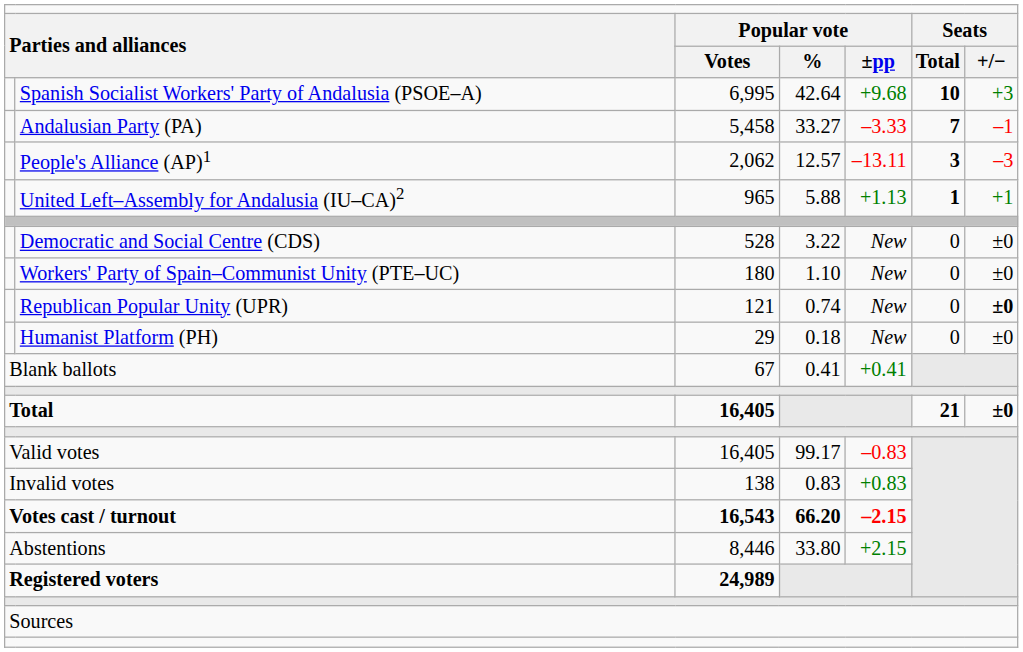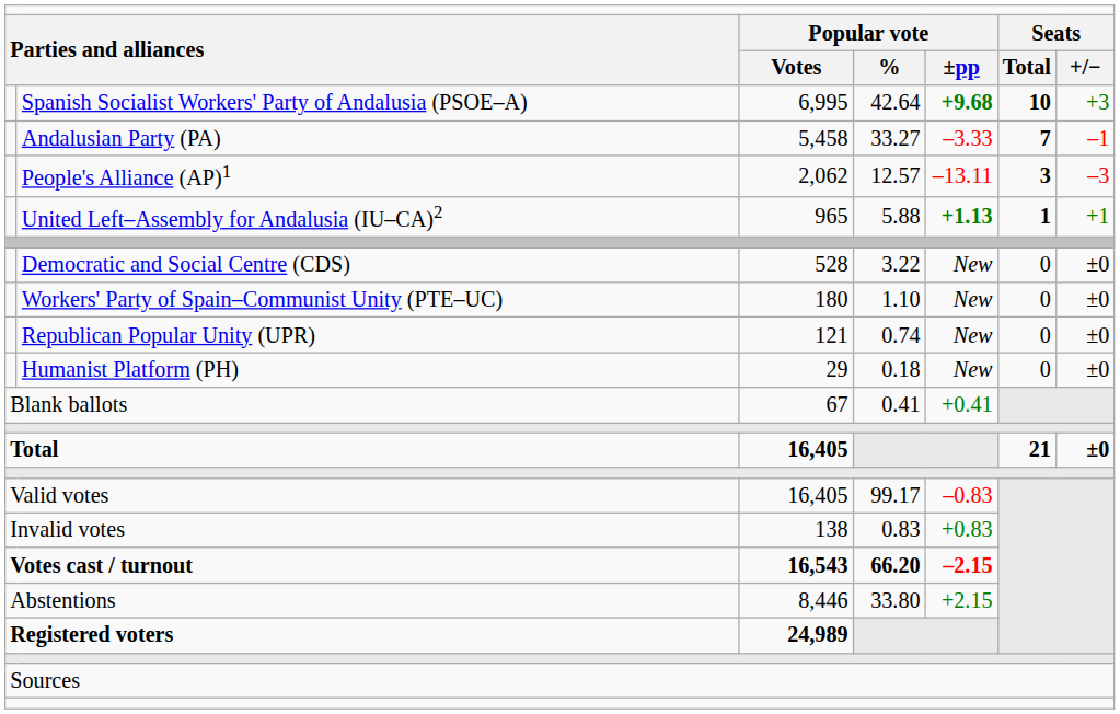 <table class="wikitable" style="text-align:right;">
 <tr>
 <td colspan="7"></td>
 </tr>
 <tr>
 <th style="text-align:left;" rowspan="2" colspan="2" width="525">Parties and alliances</th>
 <th colspan="3">Popular vote</th>
 <th colspan="2">Seats</th>
 </tr>
 <tr>
 <th width="75">Votes</th>
 <th width="45">%</th>
 <th width="45">±<a href='#'>pp</a></th>
 <th width="35">Total</th>
 <th width="35">+/−</th>
 </tr>
 <tr>
 <td width="1" style="color:inherit;background:"></td>
 <td align="left"><a href='#'>Spanish Socialist Workers' Party of Andalusia</a> (PSOE–A)</td>
 <td>6,995</td>
 <td>42.64</td>
-<td style="color:green;">+9.68</td>
+<td style="color:green;"><strong>+9.68</strong></td>
 <td><strong>10</strong></td>
 <td style="color:green;">+3</td>
 </tr>
 <tr>
 <td style="color:inherit;background:"></td>
 <td align="left"><a href='#'>Andalusian Party</a> (PA)</td>
 <td>5,458</td>
 <td>33.27</td>
 <td style="color:red;">–3.33</td>
 <td><strong>7</strong></td>
 <td style="color:red;">–1</td>
 </tr>
 <tr>
 <td style="color:inherit;background:"></td>
 <td align="left"><a href='#'>People's Alliance</a> (AP)<sup>1</sup></td>
 <td>2,062</td>
 <td>12.57</td>
 <td style="color:red;">–13.11</td>
 <td><strong>3</strong></td>
 <td style="color:red;">–3</td>
 </tr>
 <tr>
 <td style="color:inherit;background:"></td>
 <td align="left"><a href='#'>United Left–Assembly for Andalusia</a> (IU–CA)<sup>2</sup></td>
 <td>965</td>
 <td>5.88</td>
-<td style="color:green;">+1.13</td>
+<td style="color:green;"><strong>+1.13</strong></td>
 <td><strong>1</strong></td>
 <td style="color:green;">+1</td>
 </tr>
 <tr>
 <td colspan="7" bgcolor="#C0C0C0"></td>
 </tr>
 <tr>
 <td style="color:inherit;background:"></td>
 <td align="left"><a href='#'>Democratic and Social Centre</a> (CDS)</td>
 <td>528</td>
 <td>3.22</td>
 <td><em>New</em></td>
 <td>0</td>
 <td>±0</td>
 </tr>
 <tr>
 <td style="color:inherit;background:"></td>
 <td align="left"><a href='#'>Workers' Party of Spain–Communist Unity</a> (PTE–UC)</td>
 <td>180</td>
 <td>1.10</td>
 <td><em>New</em></td>
 <td>0</td>
 <td>±0</td>
 </tr>
 <tr>
 <td style="color:inherit;background:"></td>
 <td align="left"><a href='#'>Republican Popular Unity</a> (UPR)</td>
 <td>121</td>
 <td>0.74</td>
 <td><em>New</em></td>
 <td>0</td>
-<td><strong>±0</strong></td>
+<td>±0</td>
 </tr>
 <tr>
 <td style="color:inherit;background:"></td>
 <td align="left"><a href='#'>Humanist Platform</a> (PH)</td>
 <td>29</td>
 <td>0.18</td>
 <td><em>New</em></td>
 <td>0</td>
 <td>±0</td>
 </tr>
 <tr>
 <td align="left" colspan="2">Blank ballots</td>
 <td>67</td>
 <td>0.41</td>
 <td style="color:green;">+0.41</td>
 <td bgcolor="#E9E9E9" colspan="2"></td>
 </tr>
 <tr>
 <td colspan="7" bgcolor="#E9E9E9"></td>
 </tr>
 <tr style="font-weight:bold;">
 <td align="left" colspan="2">Total</td>
 <td>16,405</td>
 <td bgcolor="#E9E9E9" colspan="2"></td>
 <td>21</td>
 <td>±0</td>
 </tr>
 <tr>
 <td colspan="7" bgcolor="#E9E9E9"></td>
 </tr>
 <tr>
 <td align="left" colspan="2">Valid votes</td>
 <td>16,405</td>
 <td>99.17</td>
 <td style="color:red;">–0.83</td>
 <td bgcolor="#E9E9E9" colspan="2" rowspan="5"></td>
 </tr>
 <tr>
 <td align="left" colspan="2">Invalid votes</td>
 <td>138</td>
 <td>0.83</td>
 <td style="color:green;">+0.83</td>
 </tr>
 <tr style="font-weight:bold;">
 <td align="left" colspan="2">Votes cast / turnout</td>
 <td>16,543</td>
 <td>66.20</td>
 <td style="color:red;">–2.15</td>
 </tr>
 <tr>
 <td align="left" colspan="2">Abstentions</td>
 <td>8,446</td>
 <td>33.80</td>
 <td style="color:green;">+2.15</td>
 </tr>
 <tr style="font-weight:bold;">
 <td align="left" colspan="2">Registered voters</td>
 <td>24,989</td>
 <td bgcolor="#E9E9E9" colspan="2"></td>
 </tr>
 <tr>
 <td colspan="7" bgcolor="#E9E9E9"></td>
 </tr>
 <tr>
 <td align="left" colspan="7">Sources</td>
 </tr>
 <tr>
 <td colspan="7" style="text-align:left; max-width:790px;"></td>
 </tr>
 </table>
